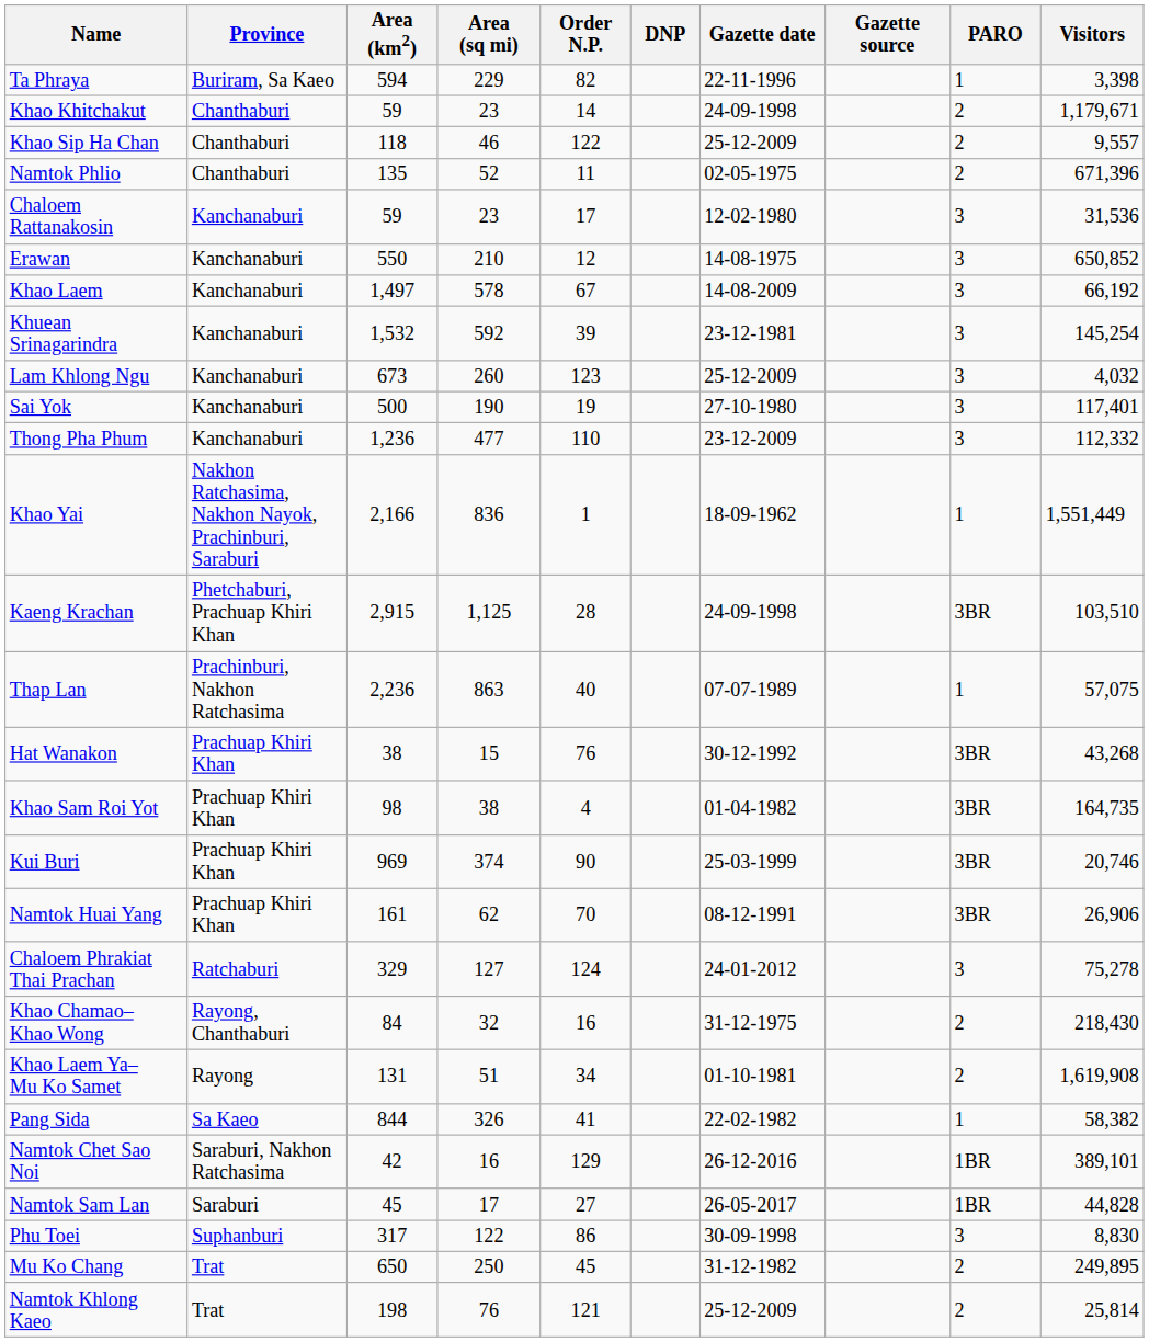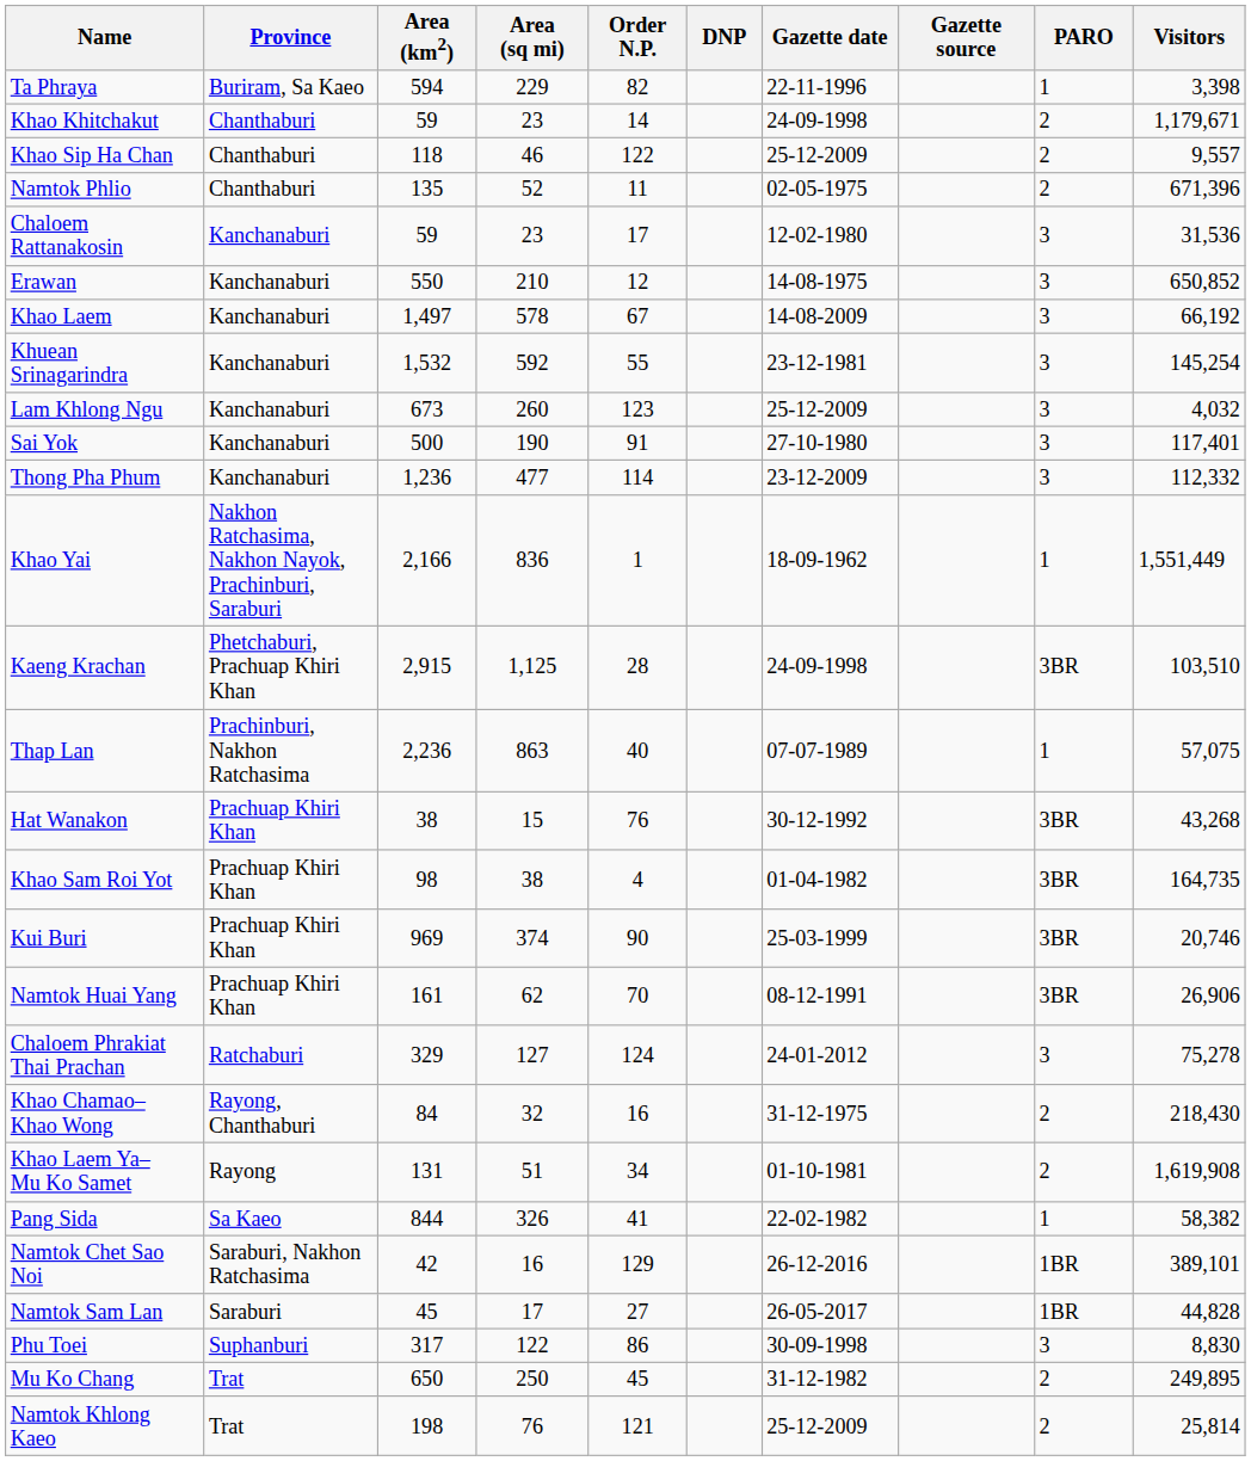 <table class="wikitable sortable" style="width:690pt;">
 <tr>
 <th style="width:16%;">Name</th>
 <th style="width:14%;"><a href='#'>Province</a></th>
 <th style="width:8%;">Area<br>(km<sup>2</sup>)</th>
 <th style="width:9%;">Area<br>(sq mi)</th>
 <th style="width:8%;">Order N.P.</th>
 <th style="width:6%;">DNP</th>
 <th style="width:11%;">Gazette date</th>
 <th style="width:11%;">Gazette source</th>
 <th style="width:8%;">PARO</th>
 <th style="width:9%;">Visitors</th>
 </tr>
 <tr>
 <td><a href='#'>Ta Phraya</a></td>
 <td><a href='#'>Buriram</a>, Sa Kaeo</td>
 <td style="text-align:center;">594</td>
 <td style="text-align:center;">229</td>
 <td style="text-align:center;">82</td>
 <td></td>
 <td>22-11-1996</td>
 <td></td>
 <td>1</td>
 <td style="text-align:right;">3,398</td>
 </tr>
 <tr>
 <td><a href='#'>Khao Khitchakut</a></td>
 <td><a href='#'>Chanthaburi</a></td>
 <td style="text-align:center;">59</td>
 <td style="text-align:center;">23</td>
 <td style="text-align:center;">14</td>
 <td></td>
 <td>24-09-1998</td>
 <td></td>
 <td>2</td>
 <td style="text-align:right;">1,179,671</td>
 </tr>
 <tr>
 <td><a href='#'>Khao Sip Ha Chan</a></td>
 <td>Chanthaburi</td>
 <td style="text-align:center;">118</td>
 <td style="text-align:center;">46</td>
 <td style="text-align:center;">122</td>
 <td></td>
 <td>25-12-2009</td>
 <td></td>
 <td>2</td>
 <td style="text-align:right;">9,557</td>
 </tr>
 <tr>
 <td><a href='#'>Namtok Phlio</a></td>
 <td>Chanthaburi</td>
 <td style="text-align:center;">135</td>
 <td style="text-align:center;">52</td>
 <td style="text-align:center;">11</td>
 <td></td>
 <td>02-05-1975</td>
 <td></td>
 <td>2</td>
 <td style="text-align:right;">671,396</td>
 </tr>
 <tr>
 <td><a href='#'>Chaloem Rattanakosin</a></td>
 <td><a href='#'>Kanchanaburi</a></td>
 <td style="text-align:center;">59</td>
 <td style="text-align:center;">23</td>
 <td style="text-align:center;">17</td>
 <td></td>
 <td>12-02-1980</td>
 <td></td>
 <td>3</td>
 <td style="text-align:right;">31,536</td>
 </tr>
 <tr>
 <td><a href='#'>Erawan</a></td>
 <td>Kanchanaburi</td>
 <td style="text-align:center;">550</td>
 <td style="text-align:center;">210</td>
 <td style="text-align:center;">12</td>
 <td></td>
 <td>14-08-1975</td>
 <td></td>
 <td>3</td>
 <td style="text-align:right;">650,852</td>
 </tr>
 <tr>
 <td><a href='#'>Khao Laem</a></td>
 <td>Kanchanaburi</td>
 <td style="text-align:center;">1,497</td>
 <td style="text-align:center;">578</td>
 <td style="text-align:center;">67</td>
 <td></td>
 <td>14-08-2009</td>
 <td></td>
 <td>3</td>
 <td style="text-align:right;">66,192</td>
 </tr>
 <tr>
 <td><a href='#'>Khuean Srinagarindra</a></td>
 <td>Kanchanaburi</td>
 <td style="text-align:center;">1,532</td>
 <td style="text-align:center;">592</td>
-<td style="text-align:center;">39</td>
+<td style="text-align:center;">55</td>
 <td></td>
 <td>23-12-1981</td>
 <td></td>
 <td>3</td>
 <td style="text-align:right;">145,254</td>
 </tr>
 <tr>
 <td><a href='#'>Lam Khlong Ngu</a></td>
 <td>Kanchanaburi</td>
 <td style="text-align:center;">673</td>
 <td style="text-align:center;">260</td>
 <td style="text-align:center;">123</td>
 <td></td>
 <td>25-12-2009</td>
 <td></td>
 <td>3</td>
 <td style="text-align:right;">4,032</td>
 </tr>
 <tr>
 <td><a href='#'>Sai Yok</a></td>
 <td>Kanchanaburi</td>
 <td style="text-align:center;">500</td>
 <td style="text-align:center;">190</td>
-<td style="text-align:center;">19</td>
+<td style="text-align:center;">91</td>
 <td></td>
 <td>27-10-1980</td>
 <td></td>
 <td>3</td>
 <td style="text-align:right;">117,401</td>
 </tr>
 <tr>
 <td><a href='#'>Thong Pha Phum</a></td>
 <td>Kanchanaburi</td>
 <td style="text-align:center;">1,236</td>
 <td style="text-align:center;">477</td>
-<td style="text-align:center;">110</td>
+<td style="text-align:center;">114</td>
 <td></td>
 <td>23-12-2009</td>
 <td></td>
 <td>3</td>
 <td style="text-align:right;">112,332</td>
 </tr>
 <tr>
 <td><a href='#'>Khao Yai</a></td>
 <td><a href='#'>Nakhon Ratchasima</a>, <a href='#'>Nakhon Nayok</a>, <a href='#'>Prachinburi</a>, <a href='#'>Saraburi</a></td>
 <td style="text-align:center;">2,166</td>
 <td style="text-align:center;">836</td>
 <td style="text-align:center;">1</td>
 <td></td>
 <td>18-09-1962</td>
 <td></td>
 <td>1</td>
 <td style="text-lign:right;">1,551,449</td>
 </tr>
 <tr>
 <td><a href='#'>Kaeng Krachan</a></td>
 <td><a href='#'>Phetchaburi</a>,<br>Prachuap Khiri Khan</td>
 <td style="text-align:center;">2,915</td>
 <td style="text-align:center;">1,125</td>
 <td style="text-align:center;">28</td>
 <td></td>
 <td>24-09-1998</td>
 <td></td>
 <td>3BR</td>
 <td style="text-align:right;">103,510</td>
 </tr>
 <tr>
 <td><a href='#'>Thap Lan</a></td>
 <td><a href='#'>Prachinburi</a>,<br>Nakhon Ratchasima</td>
 <td style="text-align:center;">2,236</td>
 <td style="text-align:center;">863</td>
 <td style="text-align:center;">40</td>
 <td></td>
 <td>07-07-1989</td>
 <td></td>
 <td>1</td>
 <td style="text-align:right;">57,075</td>
 </tr>
 <tr>
 <td><a href='#'>Hat Wanakon</a></td>
 <td><a href='#'>Prachuap Khiri Khan</a></td>
 <td style="text-align:center;">38</td>
 <td style="text-align:center;">15</td>
 <td style="text-align:center;">76</td>
 <td></td>
 <td>30-12-1992</td>
 <td></td>
 <td>3BR</td>
 <td style="text-align:right;">43,268</td>
 </tr>
 <tr>
 <td><a href='#'>Khao Sam Roi Yot</a></td>
 <td>Prachuap Khiri Khan</td>
 <td style="text-align:center;">98</td>
 <td style="text-align:center;">38</td>
 <td style="text-align:center;">4</td>
 <td></td>
 <td>01-04-1982</td>
 <td></td>
 <td>3BR</td>
 <td style="text-align:right;">164,735</td>
 </tr>
 <tr>
 <td><a href='#'>Kui Buri</a></td>
 <td>Prachuap Khiri Khan</td>
 <td style="text-align:center;">969</td>
 <td style="text-align:center;">374</td>
 <td style="text-align:center;">90</td>
 <td></td>
 <td>25-03-1999</td>
 <td></td>
 <td>3BR</td>
 <td style="text-align:right;">20,746</td>
 </tr>
 <tr>
 <td><a href='#'>Namtok Huai Yang</a></td>
 <td>Prachuap Khiri Khan</td>
 <td style="text-align:center;">161</td>
 <td style="text-align:center;">62</td>
 <td style="text-align:center;">70</td>
 <td></td>
 <td>08-12-1991</td>
 <td></td>
 <td>3BR</td>
 <td style="text-align:right;">26,906</td>
 </tr>
 <tr>
 <td><a href='#'>Chaloem Phrakiat Thai Prachan</a></td>
 <td><a href='#'>Ratchaburi</a></td>
 <td style="text-align:center;">329</td>
 <td style="text-align:center;">127</td>
 <td style="text-align:center;">124</td>
 <td></td>
 <td>24-01-2012</td>
 <td></td>
 <td>3</td>
 <td style="text-align:right;">75,278</td>
 </tr>
 <tr>
 <td><a href='#'>Khao Chamao–<br>Khao Wong</a></td>
 <td><a href='#'>Rayong</a>, Chanthaburi</td>
 <td style="text-align:center;">84</td>
 <td style="text-align:center;">32</td>
 <td style="text-align:center;">16</td>
 <td></td>
 <td>31-12-1975</td>
 <td></td>
 <td>2</td>
 <td style="text-align:right;">218,430</td>
 </tr>
 <tr>
 <td><a href='#'>Khao Laem Ya–<br>Mu Ko Samet</a></td>
 <td>Rayong</td>
 <td style="text-align:center;">131</td>
 <td style="text-align:center;">51</td>
 <td style="text-align:center;">34</td>
 <td></td>
 <td>01-10-1981</td>
 <td></td>
 <td>2</td>
 <td style="text-align:right;">1,619,908</td>
 </tr>
 <tr>
 <td><a href='#'>Pang Sida</a></td>
 <td><a href='#'>Sa Kaeo</a></td>
 <td style="text-align:center;">844</td>
 <td style="text-align:center;">326</td>
 <td style="text-align:center;">41</td>
 <td></td>
 <td>22-02-1982</td>
 <td></td>
 <td>1</td>
 <td style="text-align:right;">58,382</td>
 </tr>
 <tr>
 <td><a href='#'>Namtok Chet Sao Noi</a></td>
 <td>Saraburi, Nakhon<br>Ratchasima</td>
 <td style="text-align:center;">42</td>
 <td style="text-align:center;">16</td>
 <td style="text-align:center;">129</td>
 <td></td>
 <td>26-12-2016</td>
 <td></td>
 <td>1BR</td>
 <td style="text-align:right;">389,101</td>
 </tr>
 <tr>
 <td><a href='#'>Namtok Sam Lan</a></td>
 <td>Saraburi</td>
 <td style="text-align:center;">45</td>
 <td style="text-align:center;">17</td>
 <td style="text-align:center;">27</td>
 <td></td>
 <td>26-05-2017</td>
 <td></td>
 <td>1BR</td>
 <td style="text-align:right;">44,828</td>
 </tr>
 <tr>
 <td><a href='#'>Phu Toei</a></td>
 <td><a href='#'>Suphanburi</a></td>
 <td style="text-align:center;">317</td>
 <td style="text-align:center;">122</td>
 <td style="text-align:center;">86</td>
 <td></td>
 <td>30-09-1998</td>
 <td></td>
 <td>3</td>
 <td style="text-align:right;">8,830</td>
 </tr>
 <tr>
 <td><a href='#'>Mu Ko Chang</a></td>
 <td><a href='#'>Trat</a></td>
 <td style="text-align:center;">650</td>
 <td style="text-align:center;">250</td>
 <td style="text-align:center;">45</td>
 <td></td>
 <td>31-12-1982</td>
 <td></td>
 <td>2</td>
 <td style="text-align:right;">249,895</td>
 </tr>
 <tr>
 <td><a href='#'>Namtok Khlong Kaeo</a></td>
 <td>Trat</td>
 <td style="text-align:center;">198</td>
 <td style="text-align:center;">76</td>
 <td style="text-align:center;">121</td>
 <td></td>
 <td>25-12-2009</td>
 <td></td>
 <td>2</td>
 <td style="text-align:right;">25,814</td>
 </tr>
 </table>
